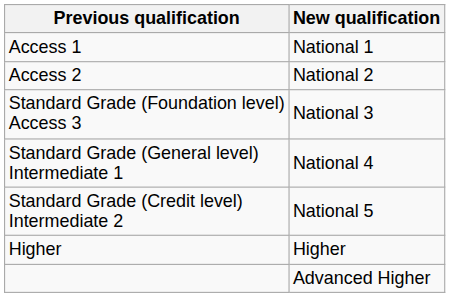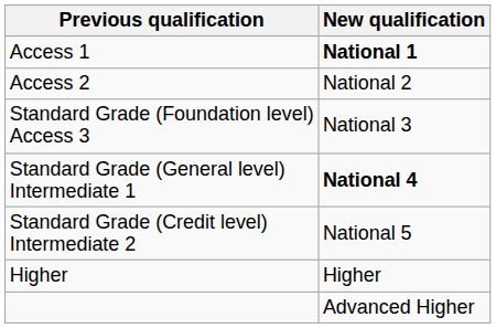 <table class="wikitable">
 <tr>
 <th>Previous qualification</th>
 <th>New qualification</th>
 </tr>
 <tr>
 <td>Access 1</td>
-<td>National 1</td>
+<td><strong>National 1</strong></td>
 </tr>
 <tr>
 <td>Access 2</td>
 <td>National 2</td>
 </tr>
 <tr>
 <td>Standard Grade (Foundation level)<br>Access 3</td>
 <td>National 3</td>
 </tr>
 <tr>
 <td>Standard Grade (General level)<br>Intermediate 1</td>
-<td>National 4</td>
+<td><strong>National 4</strong></td>
 </tr>
 <tr>
 <td>Standard Grade (Credit level)<br>Intermediate 2</td>
 <td>National 5</td>
 </tr>
 <tr>
 <td>Higher</td>
 <td Higher>Higher</td>
 </tr>
 <tr>
 <td></td>
 <td>Advanced Higher</td>
 </tr>
 </table>
